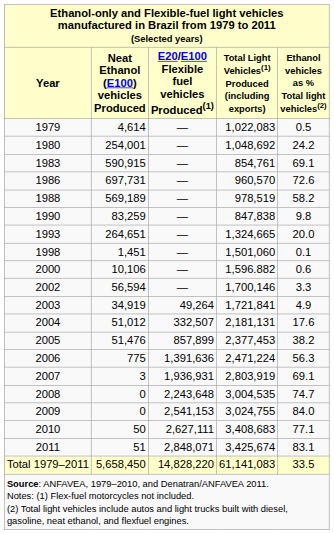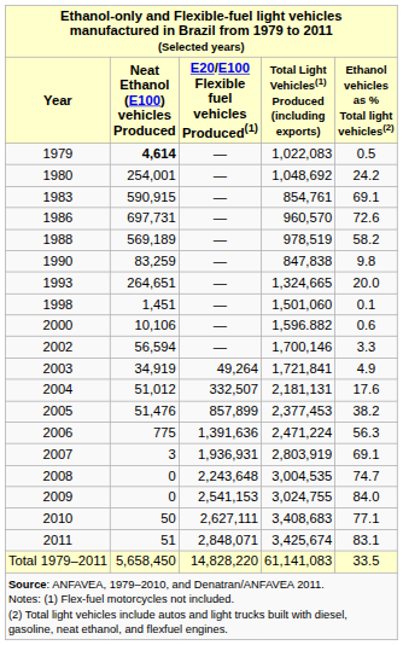 <table class="wikitable" style="float: right; margin-left: 10px">
 <tr>
 <th colspan="6" align=center style="background-color: #ffffcc;">Ethanol-only and Flexible-fuel light vehicles<br> manufactured in Brazil from 1979 to 2011 <br> <small>(Selected years)</small></th>
 </tr>
 <tr>
 <th style="background: #ffffcc;">Year</th>
 <th style="background: #ffffcc;">Neat<br>Ethanol <br>(<a href='#'>E100</a>) <br> vehicles<br> Produced</th>
 <th style="background: #ffffcc;"><a href='#'>E20</a>/<a href='#'>E100</a><br> Flexible<br> fuel <br>vehicles<br> Produced<sup>(1)</sup></th>
 <th style="background: #ffffcc;"><small>Total Light <br>Vehicles<sup>(1)</sup><br> Produced <br>  (including <br>exports)</small></th>
 <th style="background: #ffffcc;"><small>Ethanol<br>vehicles <br> as %<br>Total light<br> vehicles<sup>(2)</sup> </small></th>
 </tr>
 <tr align="right">
 <td align="center">1979</td>
-<td>4,614</td>
+<td><strong>4,614</strong></td>
 <td style="text-align: center;">—</td>
 <td>1,022,083</td>
 <td align="center">0.5</td>
 </tr>
 <tr align="right">
 <td align="center">1980</td>
 <td>254,001</td>
 <td style="text-align: center;">—</td>
 <td>1,048,692</td>
 <td align="center">24.2</td>
 </tr>
 <tr align="right">
 <td align="center">1983</td>
 <td>590,915</td>
 <td style="text-align: center;">—</td>
 <td>854,761</td>
 <td align="center">69.1</td>
 </tr>
 <tr align="right">
 <td align="center">1986</td>
 <td>697,731</td>
 <td style="text-align: center;">—</td>
 <td>960,570</td>
 <td align="center">72.6</td>
 </tr>
 <tr align="right">
 <td align="center">1988</td>
 <td>569,189</td>
 <td style="text-align: center;">—</td>
 <td>978,519</td>
 <td align="center">58.2</td>
 </tr>
 <tr align="right">
 <td align="center">1990</td>
 <td>83,259</td>
 <td style="text-align: center;">—</td>
 <td>847,838</td>
 <td align="center">9.8</td>
 </tr>
 <tr align="right">
 <td align="center">1993</td>
 <td>264,651</td>
 <td style="text-align: center;">—</td>
 <td>1,324,665</td>
 <td align="center">20.0</td>
 </tr>
 <tr align="right">
 <td align="center">1998</td>
 <td>1,451</td>
 <td style="text-align: center;">—</td>
 <td>1,501,060</td>
 <td align="center">0.1</td>
 </tr>
 <tr align="right">
 <td align="center">2000</td>
 <td>10,106</td>
 <td style="text-align: center;">—</td>
 <td>1,596.882</td>
 <td align="center">0.6</td>
 </tr>
 <tr align="right">
 <td align="center">2002</td>
 <td>56,594</td>
 <td style="text-align: center;">—</td>
 <td>1,700,146</td>
 <td align="center">3.3</td>
 </tr>
 <tr align="right">
 <td align="center">2003</td>
 <td>34,919</td>
 <td>49,264</td>
 <td>1,721,841</td>
 <td align="center">4.9</td>
 </tr>
 <tr align="right">
 <td align="center">2004</td>
 <td>51,012</td>
 <td>332,507</td>
 <td>2,181,131</td>
 <td align="center">17.6</td>
 </tr>
 <tr align="right">
 <td align="center">2005</td>
 <td>51,476</td>
 <td>857,899</td>
 <td>2,377,453</td>
 <td align="center">38.2</td>
 </tr>
 <tr align="right">
 <td align="center">2006</td>
 <td>775</td>
 <td>1,391,636</td>
 <td>2,471,224</td>
 <td align="center">56.3</td>
 </tr>
 <tr align="right">
 <td align="center">2007</td>
 <td>3</td>
 <td>1,936,931</td>
 <td>2,803,919</td>
 <td align="center">69.1</td>
 </tr>
 <tr align="right">
 <td align="center">2008</td>
 <td>0</td>
 <td>2,243,648</td>
 <td>3,004,535</td>
 <td align="center">74.7</td>
 </tr>
 <tr align="right">
 <td align="center">2009</td>
 <td>0</td>
 <td>2,541,153</td>
 <td>3,024,755</td>
 <td align="center">84.0</td>
 </tr>
 <tr align="right">
 <td align="center">2010</td>
 <td>50</td>
 <td>2,627,111</td>
 <td>3,408,683</td>
 <td align="center">77.1</td>
 </tr>
 <tr align="right">
 <td align="center">2011</td>
 <td>51</td>
 <td>2,848,071</td>
 <td>3,425,674</td>
 <td align="center">83.1</td>
 </tr>
 <tr align="right">
 <td align="center" style="background: #ffffcc;">Total 1979–2011</td>
 <td style="background: #ffffcc;">5,658,450</td>
 <td style="background: #ffffcc;">14,828,220</td>
 <td style="background: #ffffcc;">61,141,083</td>
 <td style="background: #ffffcc;" align="center">33.5</td>
 </tr>
 <tr>
 <td colspan="5"><small><strong>Source</strong>: ANFAVEA, 1979–2010, and Denatran/ANFAVEA 2011.<br> Notes: (1) Flex-fuel motorcycles not included.<br> (2) Total light vehicles include autos and light trucks built with diesel,<br>gasoline, neat ethanol, and flexfuel engines.</small></td>
 </tr>
 </table>
